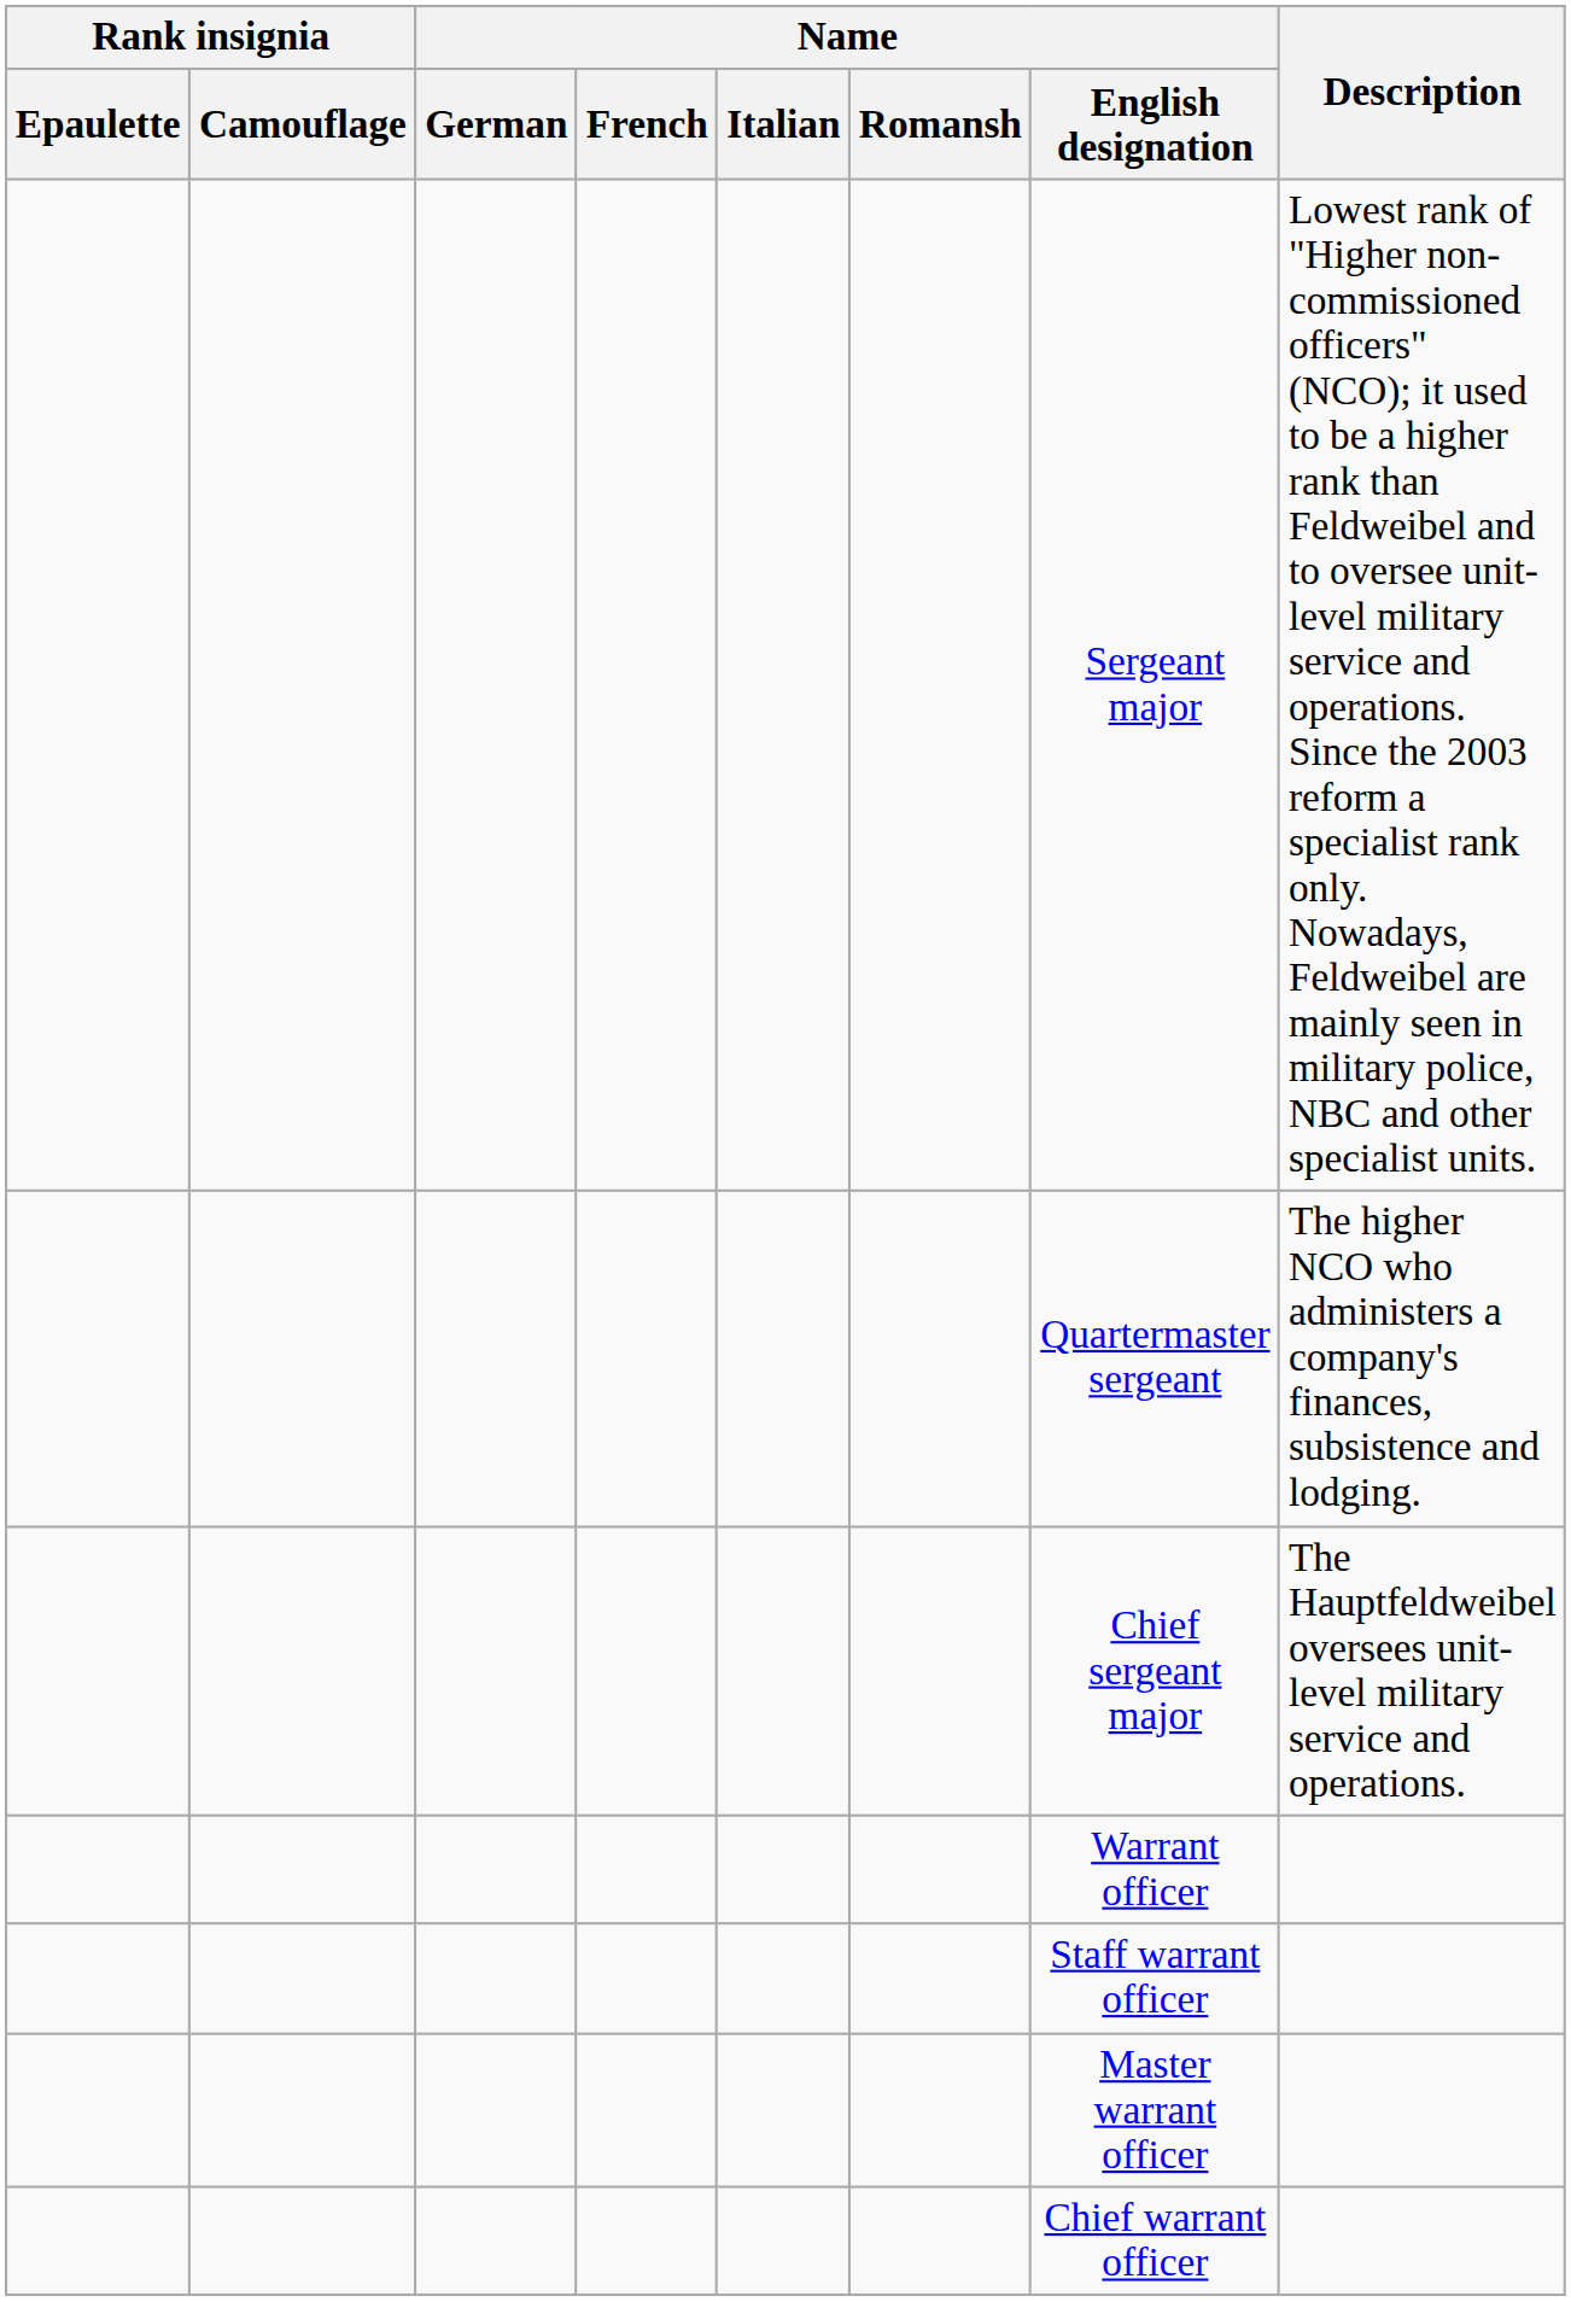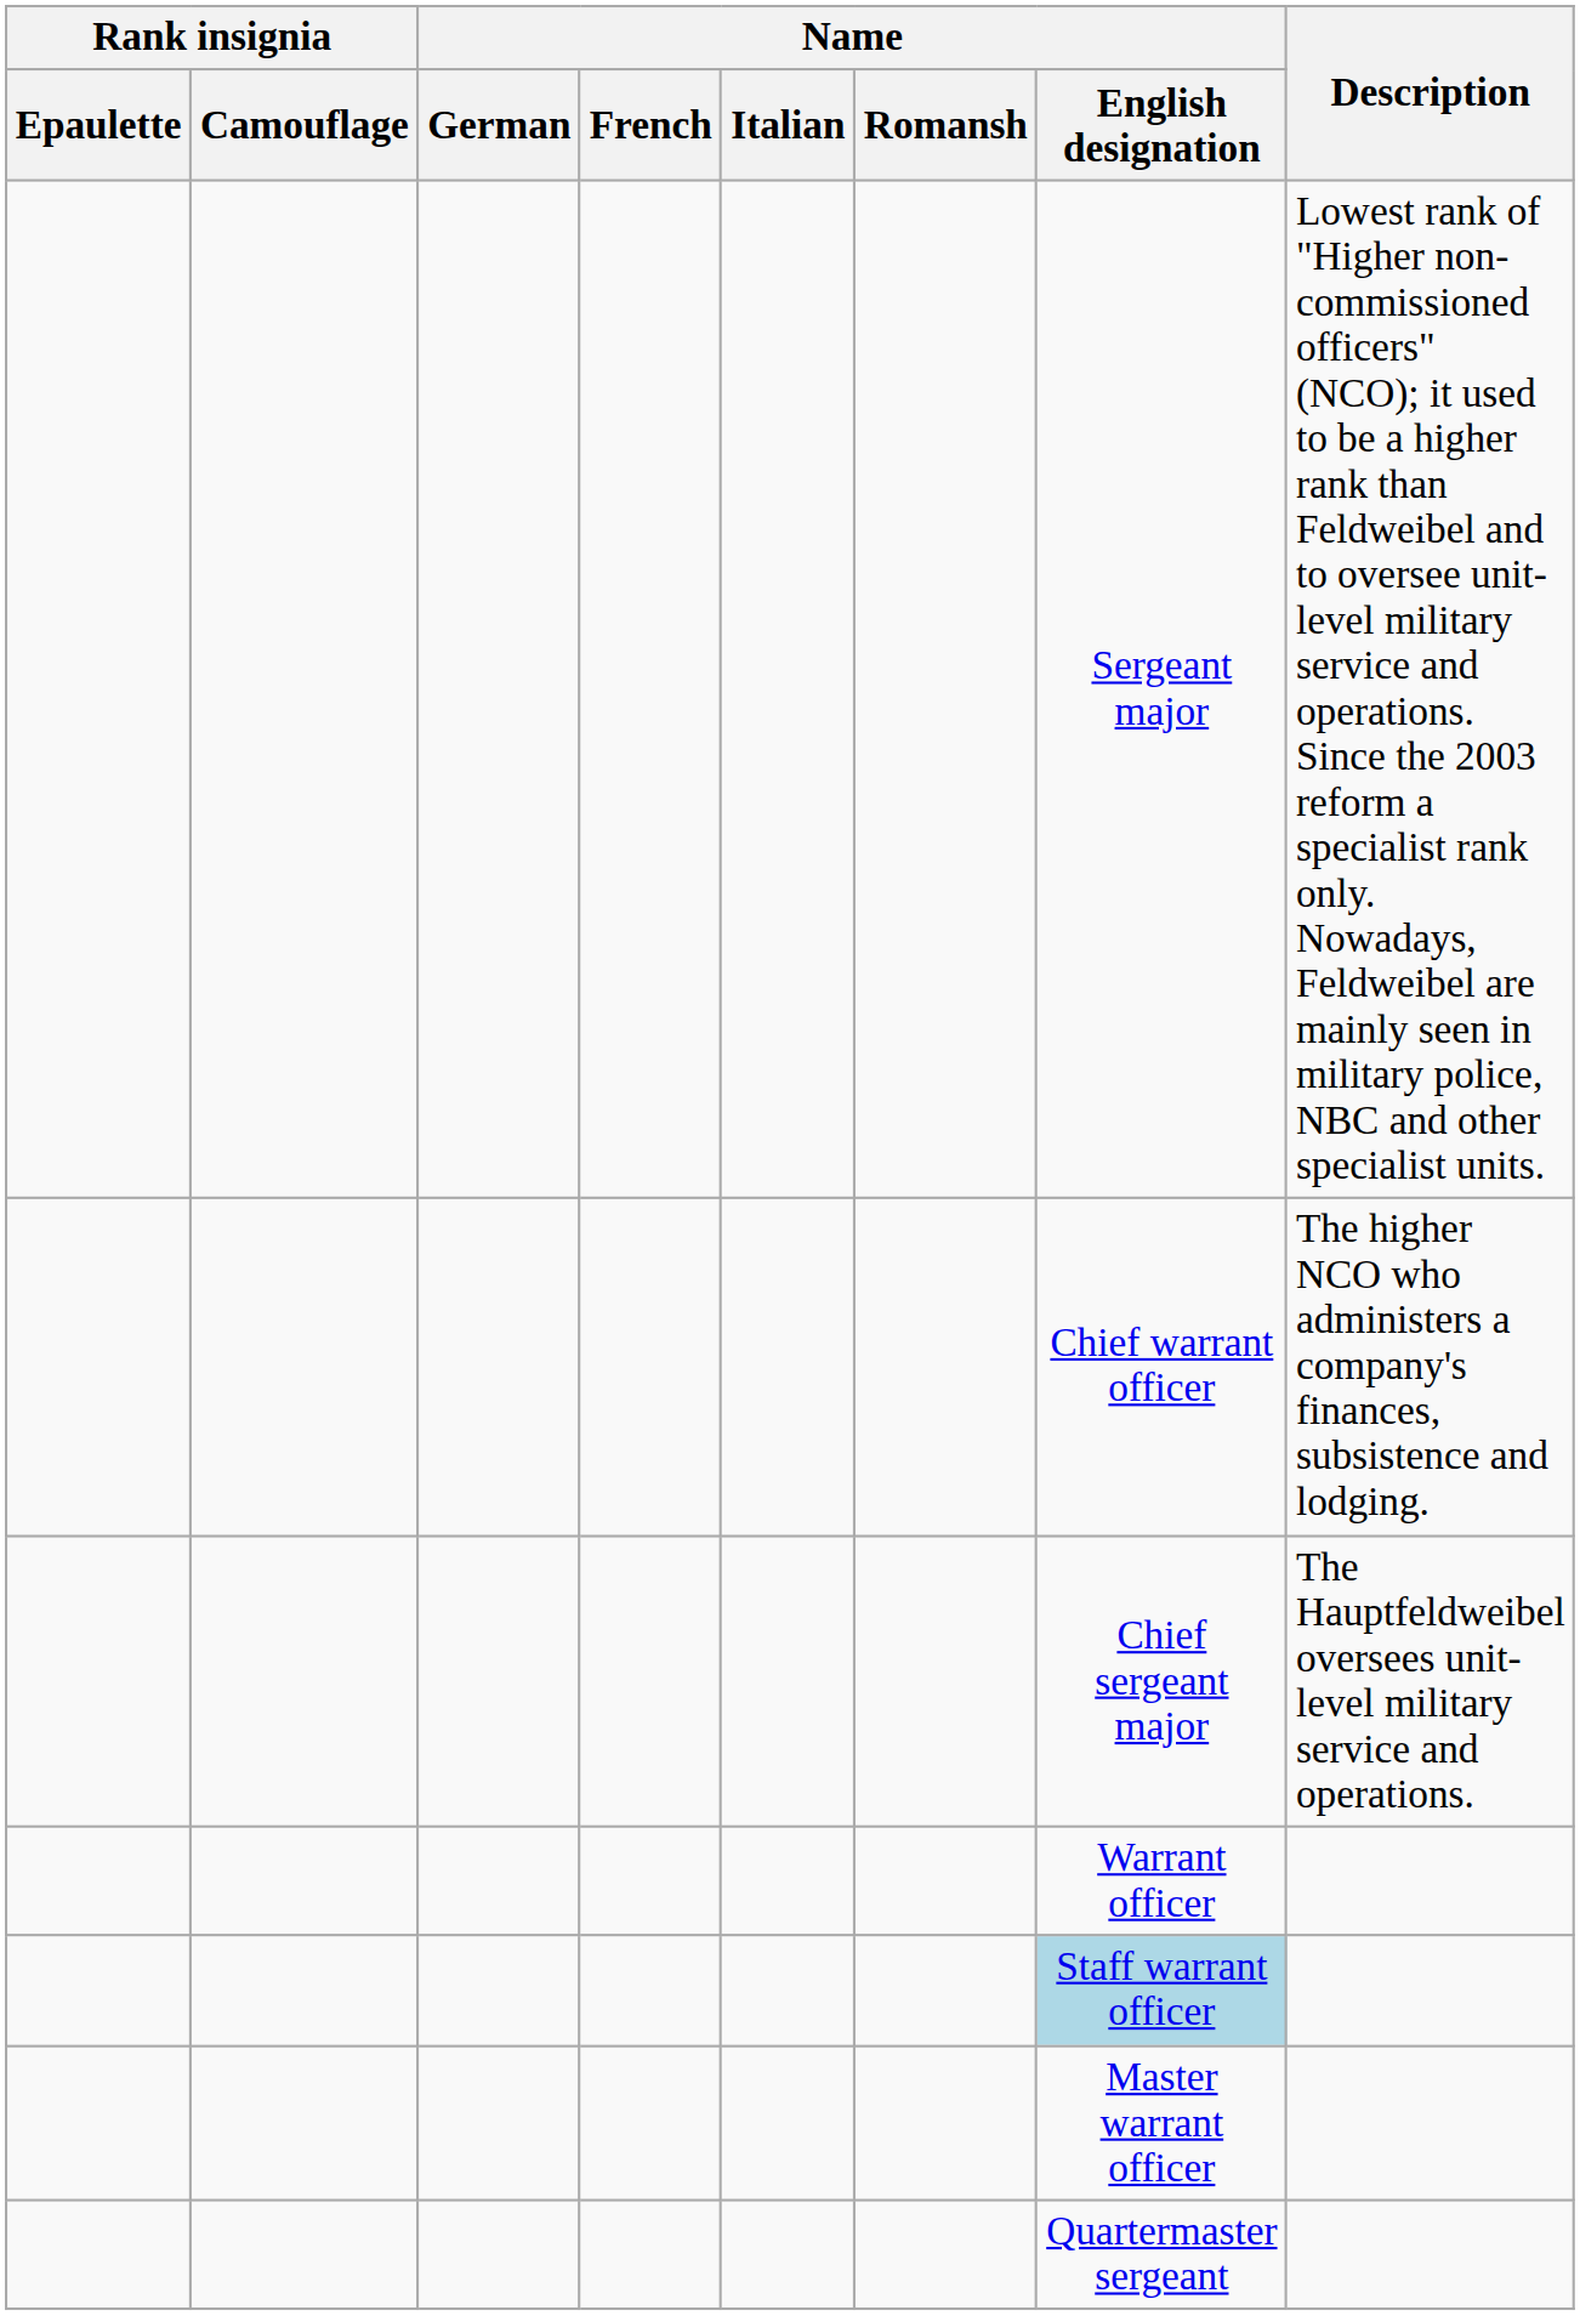 <table class="wikitable" style="text-align:center;">
 <tr>
 <th colspan=2>Rank insignia</th>
 <th colspan=5>Name</th>
 <th rowspan=2>Description</th>
 </tr>
 <tr>
 <th>Epaulette</th>
 <th>Camouflage</th>
 <th>German</th>
 <th>French</th>
 <th>Italian</th>
 <th>Romansh<br></th>
 <th>English designation</th>
 </tr>
 <tr>
 <td></td>
 <td></td>
 <td><br></td>
 <td><br></td>
 <td><br></td>
 <td><br></td>
 <td><a href='#'>Sergeant major</a></td>
 <td style="text-align:left;">Lowest rank of "Higher non-commissioned officers" (NCO); it used to be a higher rank than Feldweibel and to oversee unit-level military service and operations. Since the 2003 reform a specialist rank only. Nowadays, Feldweibel are mainly seen in military police, NBC and other specialist units.</td>
 </tr>
 <tr>
 <td></td>
 <td></td>
 <td><br></td>
 <td><br></td>
 <td><br></td>
 <td><br></td>
-<td><a href='#'>Quartermaster sergeant</a></td>
+<td><a href='#'>Chief warrant officer</a></td>
 <td style="text-align:left;">The higher NCO who administers a company's finances, subsistence and lodging.</td>
 </tr>
 <tr>
 <td></td>
 <td></td>
 <td><br></td>
 <td><br></td>
 <td><br></td>
 <td><br></td>
 <td><a href='#'>Chief sergeant major</a></td>
 <td style="text-align:left;">The Hauptfeldweibel oversees unit-level military service and operations.</td>
 </tr>
 <tr>
 <td></td>
 <td></td>
 <td><br></td>
 <td><br></td>
 <td><br></td>
 <td><br></td>
 <td><a href='#'>Warrant officer</a></td>
 <td></td>
 </tr>
 <tr>
 <td></td>
 <td></td>
 <td><br></td>
 <td><br></td>
 <td><br></td>
 <td><br></td>
-<td><a href='#'>Staff warrant officer</a></td>
+<td style="background: lightblue;"><a href='#'>Staff warrant officer</a></td>
 <td></td>
 </tr>
 <tr>
 <td></td>
 <td></td>
 <td><br></td>
 <td><br></td>
 <td><br></td>
 <td><br></td>
 <td><a href='#'>Master warrant officer</a></td>
 <td></td>
 </tr>
 <tr>
 <td></td>
 <td></td>
 <td><br></td>
 <td><br></td>
 <td><br></td>
 <td><br></td>
-<td><a href='#'>Chief warrant officer</a></td>
+<td><a href='#'>Quartermaster sergeant</a></td>
 <td></td>
 </tr>
 </table>
